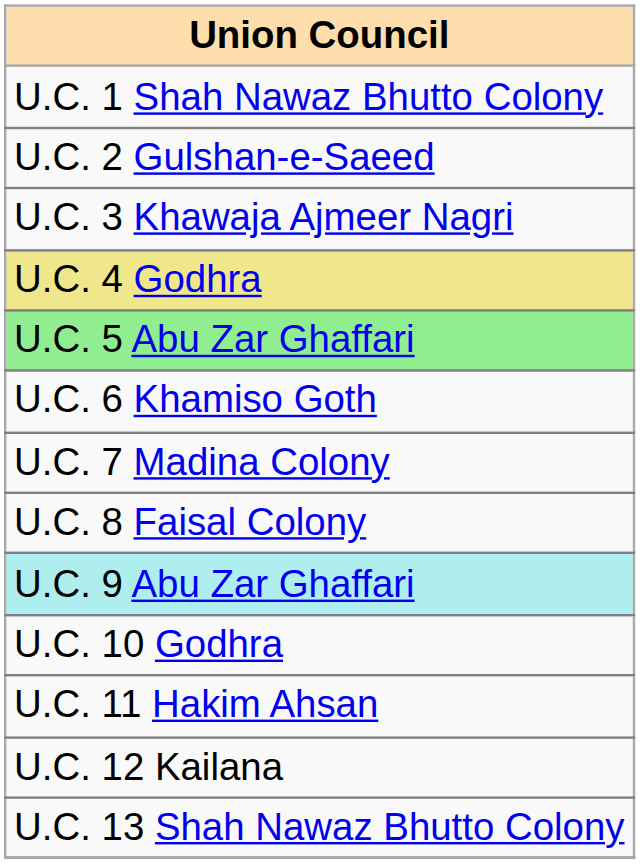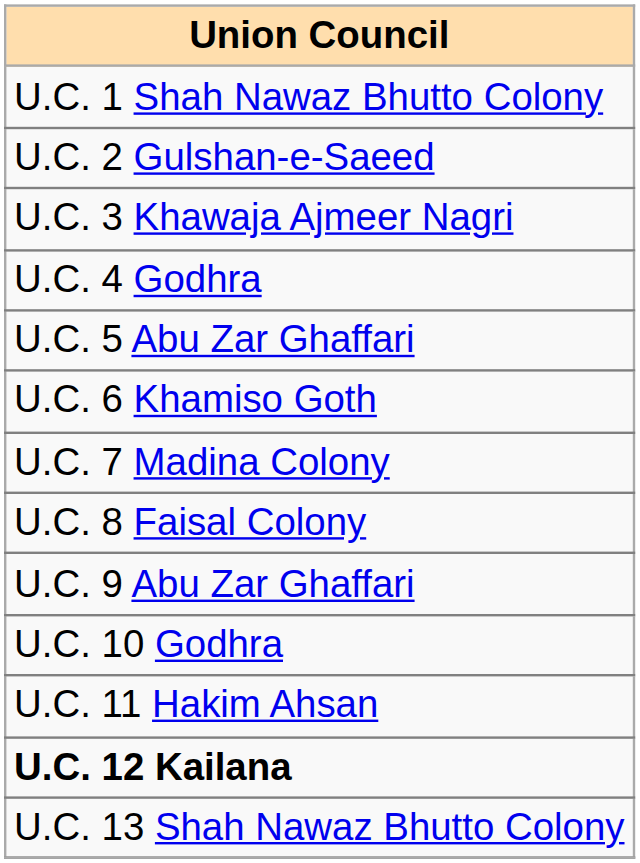 <table class="sortable wikitable" align="left">
 <tr>
 <th style="background:#ffdead;"><strong>Union Council</strong></th>
 </tr>
 <tr>
 <td style="border-bottom:1px solid grey;">U.C. 1 <a href='#'>Shah Nawaz Bhutto Colony</a></td>
 </tr>
 <tr>
 <td style="border-bottom:1px solid grey;">U.C. 2 <a href='#'>Gulshan-e-Saeed</a></td>
 </tr>
 <tr>
 <td style="border-bottom:1px solid grey;">U.C. 3 <a href='#'>Khawaja Ajmeer Nagri</a></td>
 </tr>
 <tr>
-<td style="background: khaki; border-bottom:1px solid grey;">U.C. 4 <a href='#'>Godhra</a></td>
+<td style="border-bottom:1px solid grey;">U.C. 4 <a href='#'>Godhra</a></td>
 </tr>
 <tr>
-<td style="background: lightgreen; border-bottom:1px solid grey;">U.C. 5 <a href='#'>Abu Zar Ghaffari</a></td>
+<td style="border-bottom:1px solid grey;">U.C. 5 <a href='#'>Abu Zar Ghaffari</a></td>
 </tr>
 <tr>
 <td style="border-bottom:1px solid grey;">U.C. 6 <a href='#'>Khamiso Goth</a></td>
 </tr>
 <tr>
 <td style="border-bottom:1px solid grey;">U.C. 7 <a href='#'>Madina Colony</a></td>
 </tr>
 <tr>
 <td style="border-bottom:1px solid grey;">U.C. 8 <a href='#'>Faisal Colony</a></td>
 </tr>
 <tr>
-<td style="background: paleturquoise; border-bottom:1px solid grey;">U.C. 9 <a href='#'>Abu Zar Ghaffari</a></td>
+<td style="border-bottom:1px solid grey;">U.C. 9 <a href='#'>Abu Zar Ghaffari</a></td>
 </tr>
 <tr>
 <td style="border-bottom:1px solid grey;">U.C. 10 <a href='#'>Godhra</a></td>
 </tr>
 <tr>
 <td style="border-bottom:1px solid grey;">U.C. 11 <a href='#'>Hakim Ahsan</a></td>
 </tr>
 <tr>
-<td style="border-bottom:1px solid grey;">U.C. 12 Kailana</td>
+<td style="border-bottom:1px solid grey;"><strong>U.C. 12 Kailana</strong></td>
 </tr>
 <tr>
 <td style="border-bottom:1px solid grey;">U.C. 13 <a href='#'>Shah Nawaz Bhutto Colony</a></td>
 </tr>
 <tr>
 </tr>
 </table>
